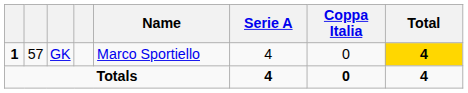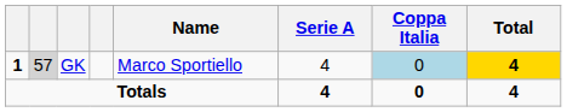 <table class="wikitable" style="text-align:center">
 <tr>
 <th width=15></th>
 <th width=15></th>
 <th width=15></th>
 <th width=15></th>
 <th width=145>Name</th>
 <th width=80><strong><a href='#'>Serie A</a></strong></th>
 <th width=80><strong><a href='#'>Coppa Italia</a></strong></th>
 <th width=80>Total</th>
 </tr>
 <tr>
 <td><strong>1</strong></td>
-<td>57</td>
+<td style="background: lightgrey;">57</td>
 <td><a href='#'>GK</a></td>
 <td></td>
 <td align=left><a href='#'>Marco Sportiello</a></td>
 <td>4</td>
-<td>0</td>
+<td style="background: lightblue;">0</td>
 <td style="background: gold;"><strong>4</strong></td>
 </tr>
 <tr>
 <td colspan=5><strong>Totals</strong></td>
 <td><strong>4</strong></td>
 <td><strong>0</strong></td>
 <td><strong>4</strong></td>
 </tr>
 </table>
